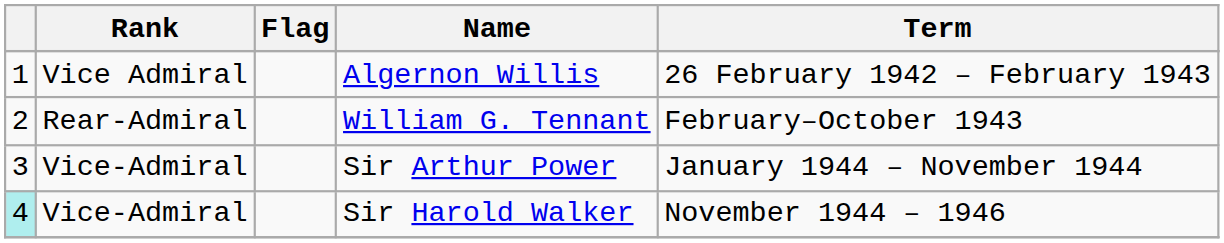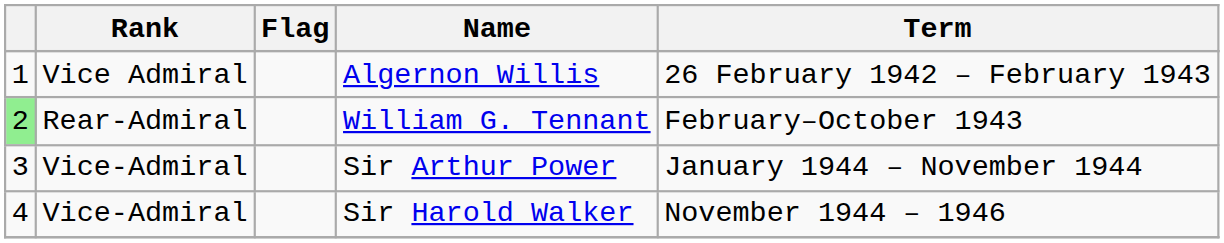 <table class="wikitable">
 <tr>
 <th></th>
 <th>Rank</th>
 <th>Flag</th>
 <th>Name</th>
 <th>Term</th>
 </tr>
 <tr>
 </tr>
 <tr>
 <td>1</td>
 <td>Vice Admiral</td>
 <td></td>
 <td><a href='#'>Algernon Willis</a></td>
 <td>26 February 1942 – February 1943</td>
 </tr>
 <tr>
-<td>2</td>
+<td style="background: lightgreen;">2</td>
 <td>Rear-Admiral</td>
 <td></td>
 <td><a href='#'>William G. Tennant</a></td>
 <td>February–October 1943</td>
 </tr>
 <tr>
 <td>3</td>
 <td>Vice-Admiral</td>
 <td></td>
 <td>Sir <a href='#'>Arthur Power</a></td>
 <td>January 1944 – November 1944</td>
 </tr>
 <tr>
-<td style="background: paleturquoise;">4</td>
+<td>4</td>
 <td>Vice-Admiral</td>
 <td></td>
 <td>Sir <a href='#'>Harold Walker</a></td>
 <td>November 1944 – 1946</td>
 </tr>
 <tr>
 </tr>
 </table>
